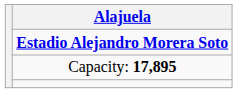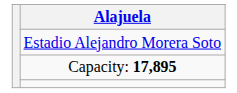 <table class="wikitable" style="margin:1em auto; text-align:center">
 <tr>
 <th rowspan="4"></th>
 <th><a href='#'>Alajuela</a></th>
 </tr>
 <tr>
-<td><strong><a href='#'>Estadio Alejandro Morera Soto</a></strong></td>
+<td><a href='#'>Estadio Alejandro Morera Soto</a></td>
 </tr>
 <tr>
 <td>Capacity: <strong>17,895</strong></td>
 </tr>
 <tr>
 <td></td>
 </tr>
 </table>
